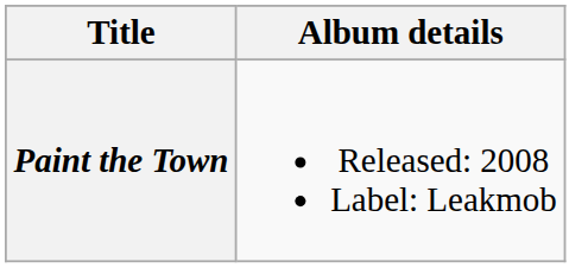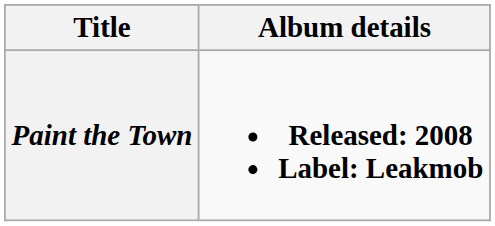 <table class="wikitable plainrowheaders" style="text-align:center;">
 <tr>
 <th scope="col">Title</th>
 <th scope="col">Album details</th>
 </tr>
 <tr>
 <th scope="row"><em>Paint the Town</em></th>
-<td><br><ul><li>Released: 2008</li><li>Label: Leakmob</li></ul></td>
+<td><strong><br><ul><li>Released: 2008</li><li>Label: Leakmob</li></ul></strong></td>
 </tr>
 </table>
